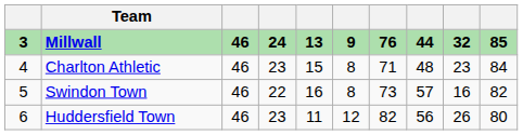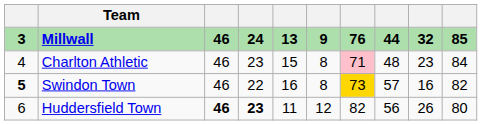 <table class="wikitable" style="text-align:center">
 <tr>
 <th width="30"></th>
 <th width="175">Team</th>
 <th width="30"></th>
 <th width="30"></th>
 <th width="30"></th>
 <th width="30"></th>
 <th width="30"></th>
 <th width="30"></th>
 <th width="30"></th>
 <th width="30"></th>
 </tr>
 <tr style="background:#addfad;">
 <td><strong>3</strong></td>
 <td align=left><strong><a href='#'>Millwall</a></strong></td>
 <td><strong>46</strong></td>
 <td><strong>24</strong></td>
 <td><strong>13</strong></td>
 <td><strong>9</strong></td>
 <td><strong>76</strong></td>
 <td><strong>44</strong></td>
 <td><strong>32</strong></td>
 <td><strong>85</strong></td>
 </tr>
 <tr>
 <td>4</td>
 <td align=left><a href='#'>Charlton Athletic</a></td>
 <td>46</td>
 <td>23</td>
 <td>15</td>
 <td>8</td>
-<td>71</td>
+<td style="background: pink;">71</td>
 <td>48</td>
 <td>23</td>
 <td>84</td>
 </tr>
 <tr>
-<td>5</td>
+<td><strong>5</strong></td>
 <td align=left><a href='#'>Swindon Town</a></td>
 <td>46</td>
 <td>22</td>
 <td>16</td>
 <td>8</td>
-<td>73</td>
+<td style="background: gold;">73</td>
 <td>57</td>
 <td>16</td>
 <td>82</td>
 </tr>
 <tr>
 <td>6</td>
 <td align=left><a href='#'>Huddersfield Town</a></td>
-<td>46</td>
-<td>23</td>
+<td><strong>46</strong></td>
+<td><strong>23</strong></td>
 <td>11</td>
 <td>12</td>
 <td>82</td>
 <td>56</td>
 <td>26</td>
 <td>80</td>
 </tr>
 </table>
